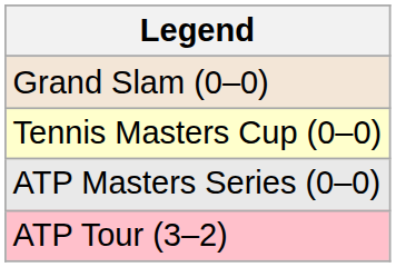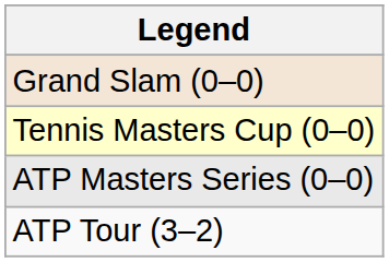 <table class="wikitable sortable mw-collapsible mw-collapsed">
 <tr>
 <th>Legend</th>
 </tr>
 <tr style="background:#f3e6d7;">
 <td>Grand Slam (0–0)</td>
 </tr>
 <tr style="background:#ffffcc;">
 <td>Tennis Masters Cup (0–0)</td>
 </tr>
 <tr style="background:#e9e9e9;">
 <td>ATP Masters Series (0–0)</td>
 </tr>
 <tr>
-<td style="background: pink;">ATP Tour (3–2)</td>
+<td>ATP Tour (3–2)</td>
 </tr>
 </table>
